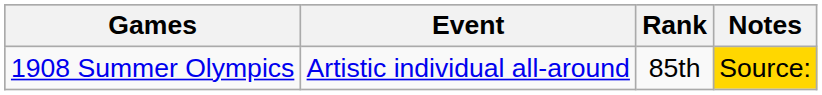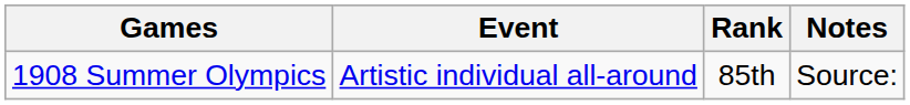 <table class="wikitable" style=" text-align:center;">
 <tr>
 <th>Games</th>
 <th>Event</th>
 <th>Rank</th>
 <th>Notes</th>
 </tr>
 <tr>
 <td><a href='#'>1908 Summer Olympics</a></td>
 <td><a href='#'>Artistic individual all-around</a></td>
 <td>85th</td>
-<td style="background: gold;">Source: </td>
+<td>Source: </td>
 </tr>
 </table>
